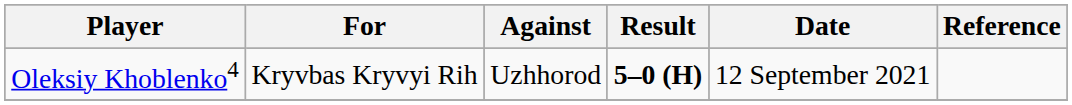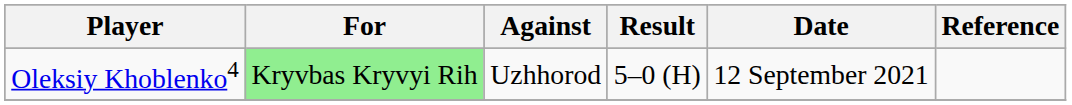 <table class="wikitable sortable">
 <tr>
 <th>Player</th>
 <th>For</th>
 <th>Against</th>
 <th>Result</th>
 <th>Date</th>
 <th>Reference</th>
 </tr>
 <tr>
 <td> <a href='#'>Oleksiy Khoblenko</a><sup>4</sup></td>
-<td>Kryvbas Kryvyi Rih</td>
+<td style="background: lightgreen;">Kryvbas Kryvyi Rih</td>
 <td>Uzhhorod</td>
-<td style="text-align:center"><strong>5–0 (H)</strong></td>
+<td style="text-align:center">5–0 (H)</td>
 <td>12 September 2021</td>
 <td></td>
 </tr>
 <tr>
 </tr>
 </table>
